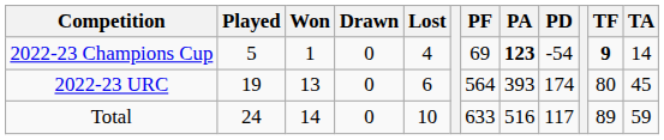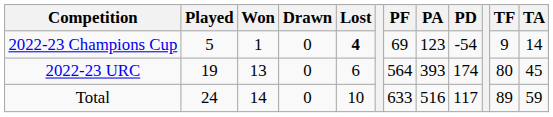 <table class="wikitable">
 <tr>
 <th>Competition</th>
 <th>Played</th>
 <th>Won</th>
 <th>Drawn</th>
 <th>Lost</th>
 <th rowspan="4"></th>
 <th>PF</th>
 <th>PA</th>
 <th>PD</th>
 <th rowspan="4"></th>
 <th>TF</th>
 <th>TA</th>
 </tr>
 <tr align=center>
 <td><a href='#'>2022-23 Champions Cup</a></td>
 <td>5</td>
 <td>1</td>
 <td>0</td>
-<td>4</td>
+<td><strong>4</strong></td>
 <td>69</td>
-<td><strong>123</strong></td>
+<td>123</td>
 <td>-54</td>
-<td><strong>9</strong></td>
+<td>9</td>
 <td>14</td>
 </tr>
 <tr align=center>
 <td><a href='#'>2022-23 URC</a></td>
 <td>19</td>
 <td>13</td>
 <td>0</td>
 <td>6</td>
 <td>564</td>
 <td>393</td>
 <td>174</td>
 <td>80</td>
 <td>45</td>
 </tr>
 <tr align=center>
 <td>Total</td>
 <td>24</td>
 <td>14</td>
 <td>0</td>
 <td>10</td>
 <td>633</td>
 <td>516</td>
 <td>117</td>
 <td>89</td>
 <td>59</td>
 </tr>
 </table>
